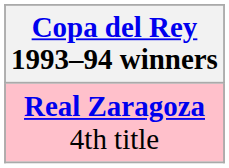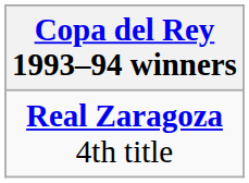 <table class="wikitable" style="text-align: center; margin: 0 auto;">
 <tr>
 <th><a href='#'>Copa del Rey</a><br>1993–94 winners</th>
 </tr>
 <tr>
-<td style="background: pink;"><strong><a href='#'>Real Zaragoza</a></strong><br>4th title</td>
+<td><strong><a href='#'>Real Zaragoza</a></strong><br>4th title</td>
 </tr>
 </table>
